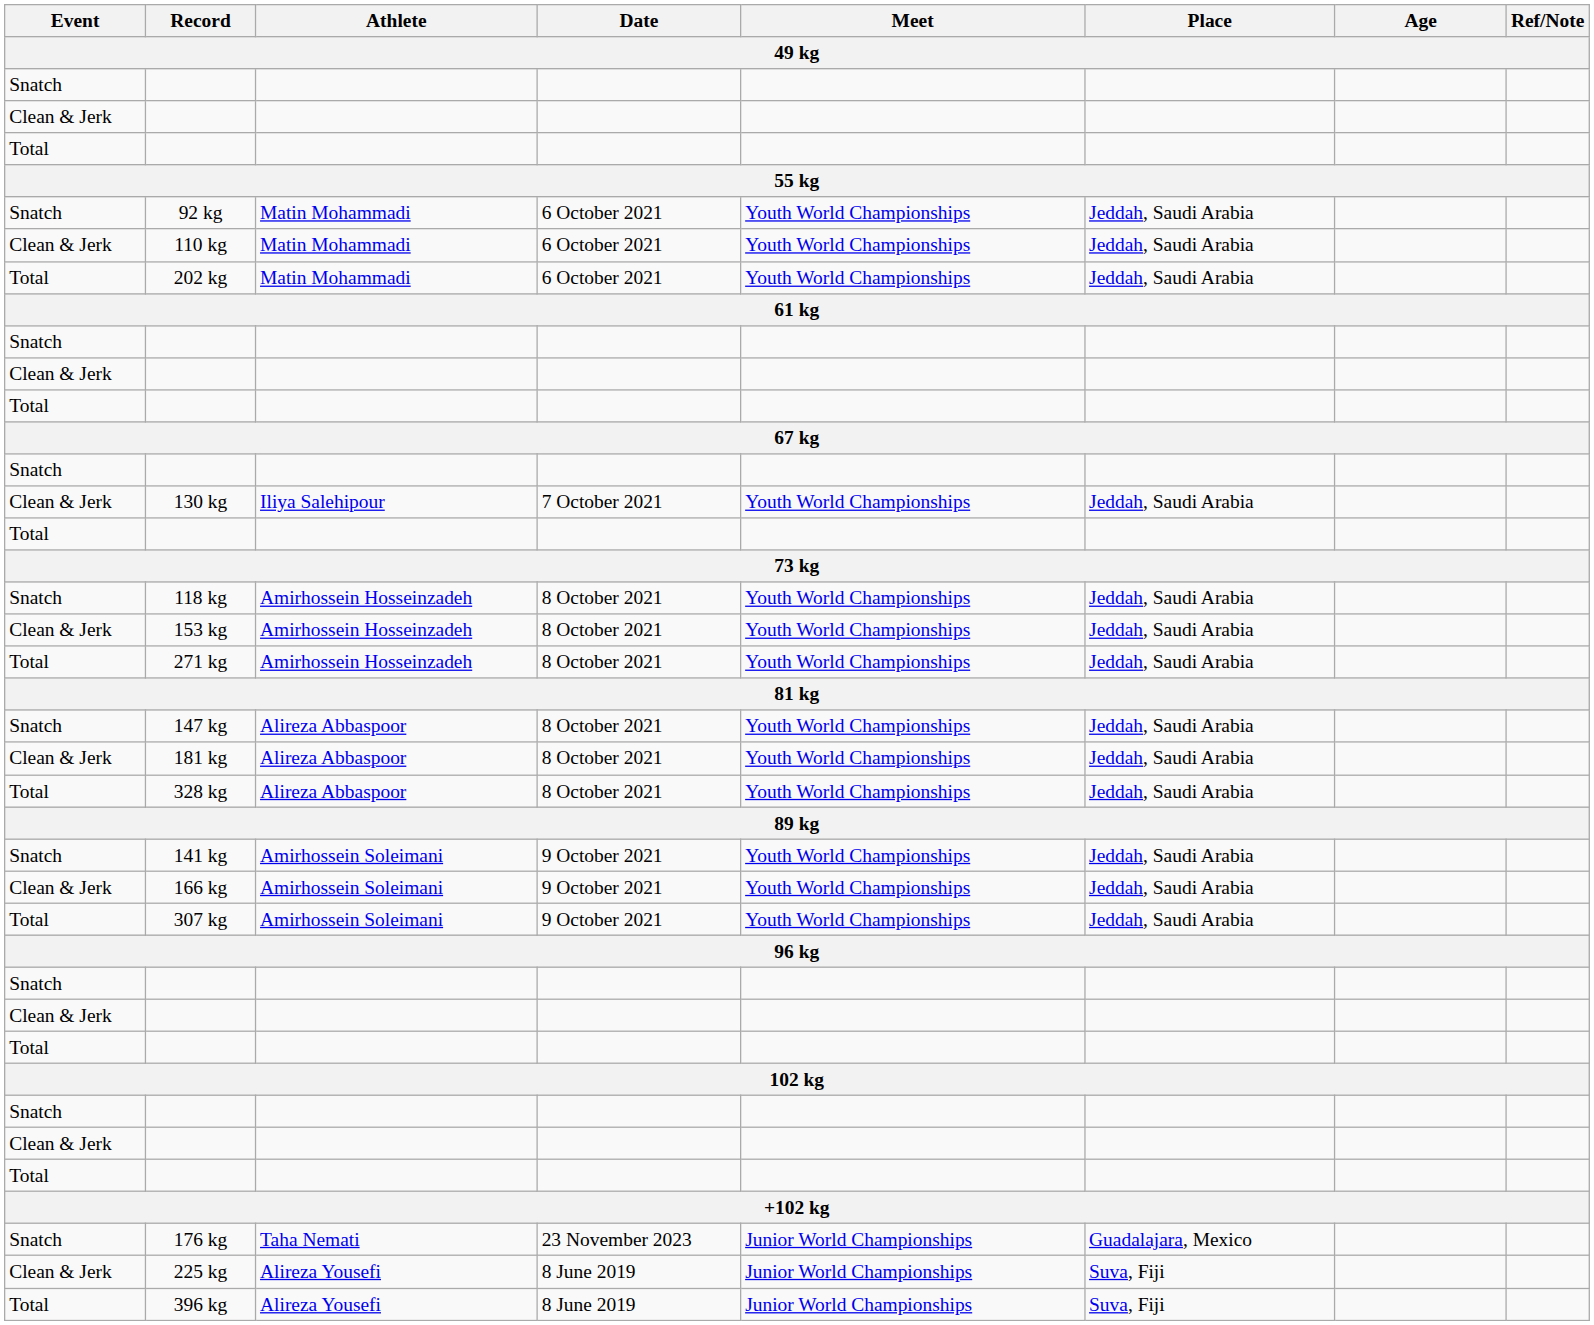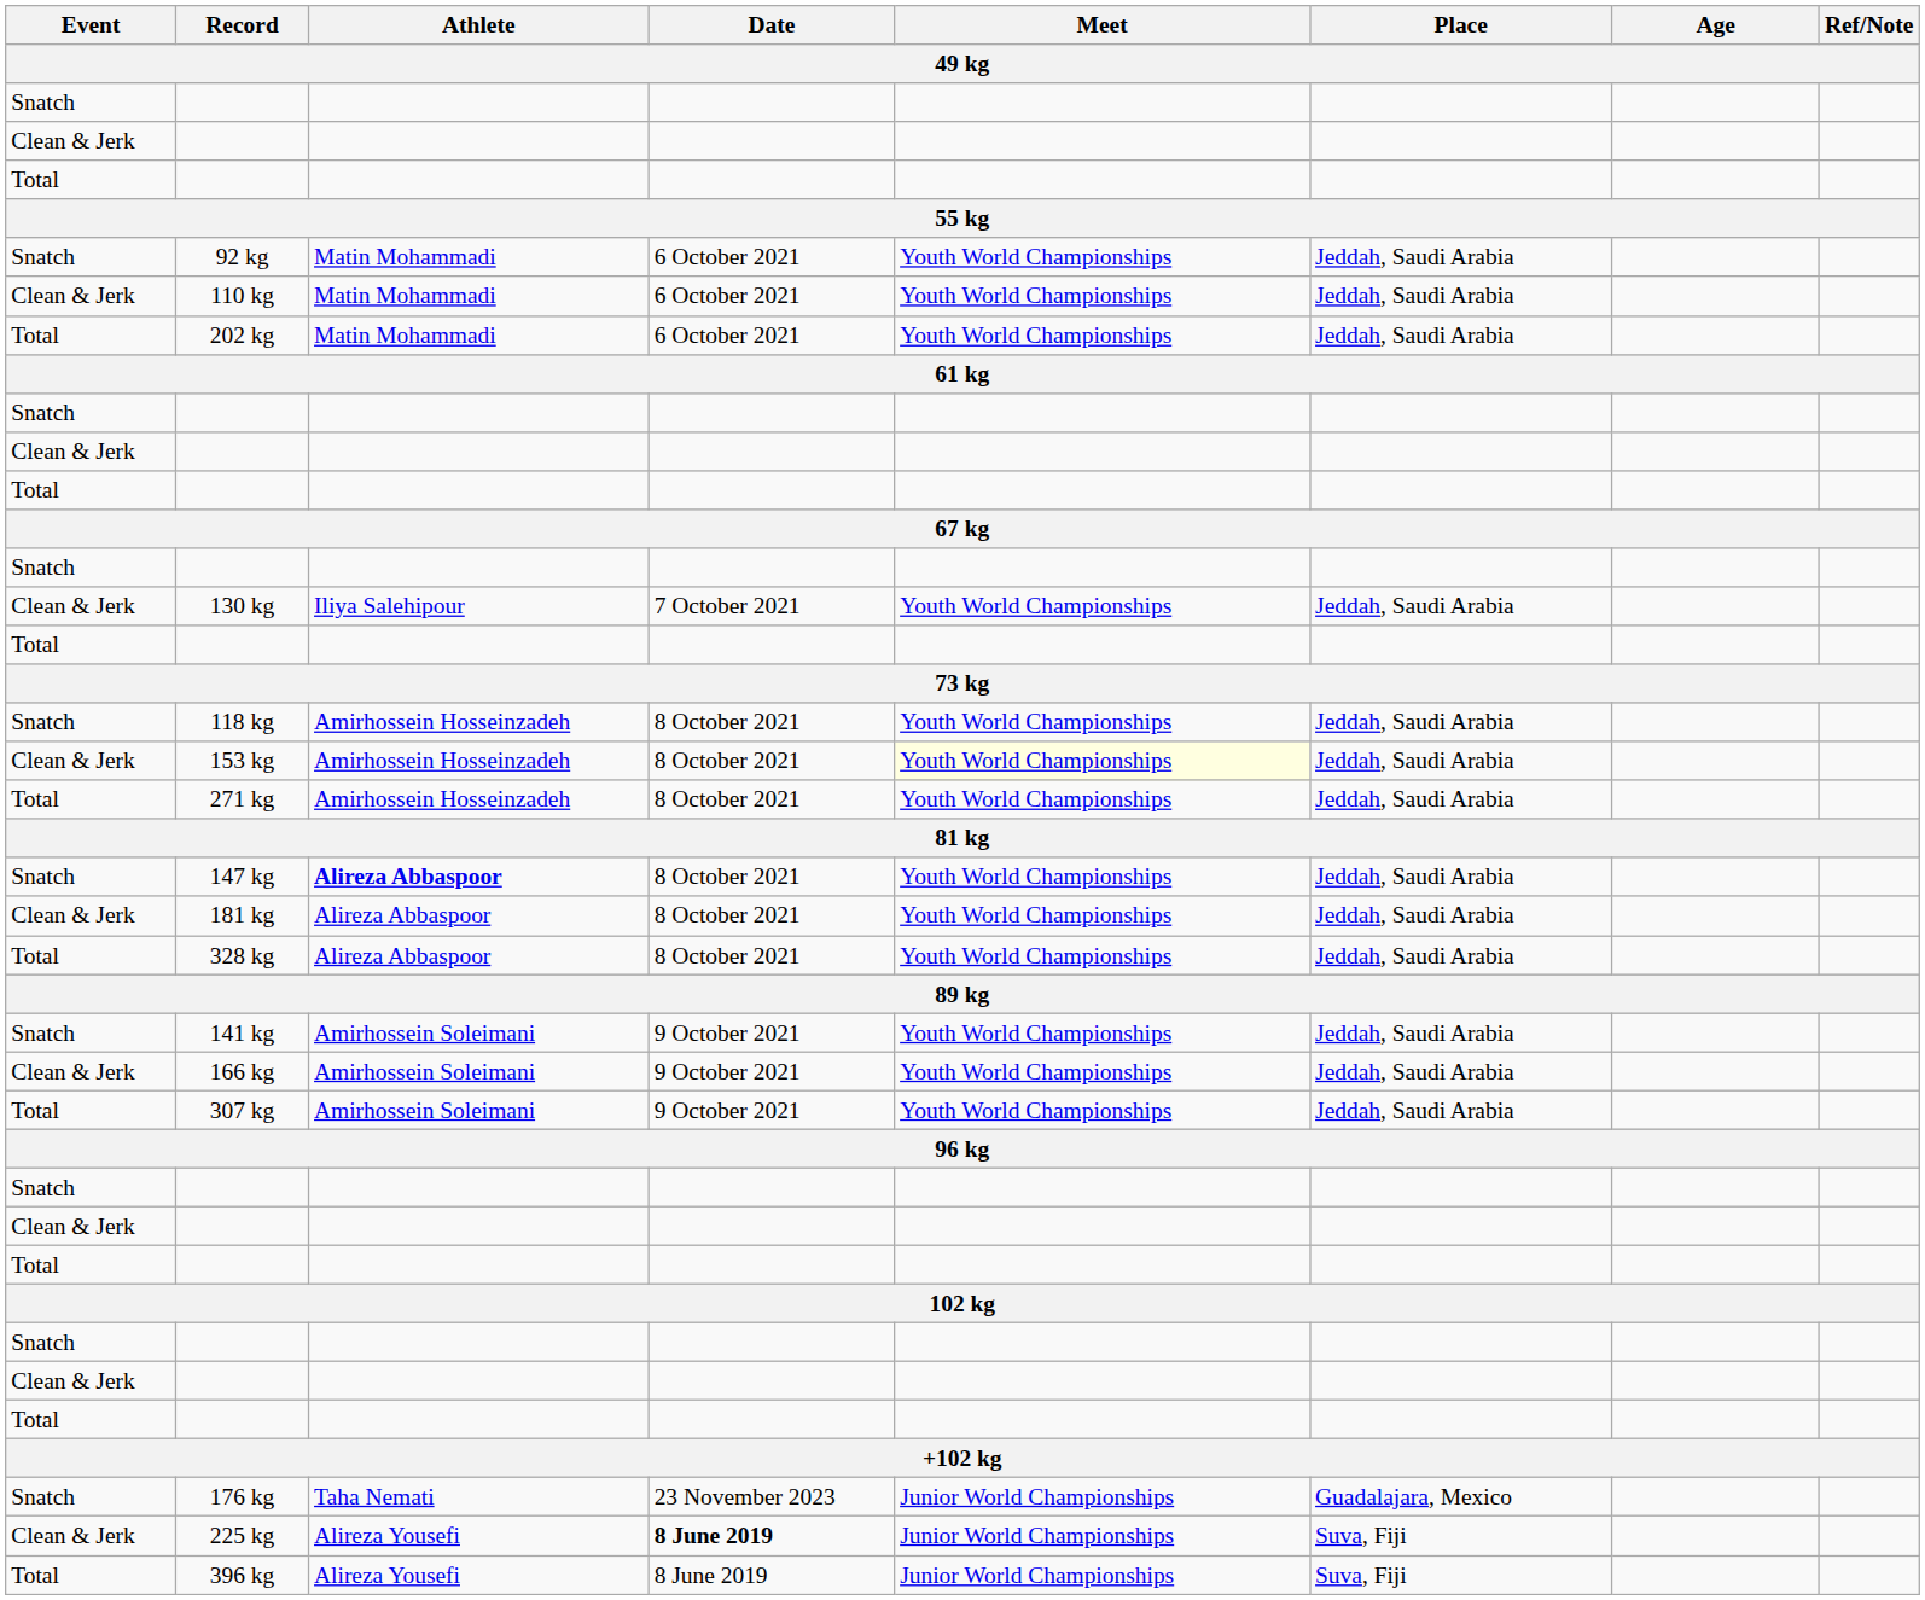 <table class="wikitable" style="font-size:95%; width: 98%;">
 <tr>
 <th width=9%>Event</th>
 <th width=7%>Record</th>
 <th width=18%>Athlete</th>
 <th width=13%>Date</th>
 <th width=22%>Meet</th>
 <th width=16%>Place</th>
 <th width=11%>Age</th>
 <th width=4%>Ref/Note</th>
 </tr>
 <tr bgcolor="#DDDDDD">
 <th colspan="8">49 kg</th>
 </tr>
 <tr>
 <td>Snatch</td>
 <td align="center"></td>
 <td></td>
 <td></td>
 <td></td>
 <td></td>
 <td></td>
 <td></td>
 </tr>
 <tr>
 <td>Clean & Jerk</td>
 <td align="center"></td>
 <td></td>
 <td></td>
 <td></td>
 <td></td>
 <td></td>
 <td></td>
 </tr>
 <tr>
 <td>Total</td>
 <td align="center"></td>
 <td></td>
 <td></td>
 <td></td>
 <td></td>
 <td></td>
 <td></td>
 </tr>
 <tr bgcolor="#DDDDDD">
 <th colspan="8">55 kg</th>
 </tr>
 <tr>
 <td>Snatch</td>
 <td align="center">92 kg</td>
 <td><a href='#'>Matin Mohammadi</a></td>
 <td>6 October 2021</td>
 <td><a href='#'>Youth World Championships</a></td>
 <td><a href='#'>Jeddah</a>, Saudi Arabia</td>
 <td></td>
 <td></td>
 </tr>
 <tr>
 <td>Clean & Jerk</td>
 <td align="center">110 kg</td>
 <td><a href='#'>Matin Mohammadi</a></td>
 <td>6 October 2021</td>
 <td><a href='#'>Youth World Championships</a></td>
 <td><a href='#'>Jeddah</a>, Saudi Arabia</td>
 <td></td>
 <td></td>
 </tr>
 <tr>
 <td>Total</td>
 <td align="center">202 kg</td>
 <td><a href='#'>Matin Mohammadi</a></td>
 <td>6 October 2021</td>
 <td><a href='#'>Youth World Championships</a></td>
 <td><a href='#'>Jeddah</a>, Saudi Arabia</td>
 <td></td>
 <td></td>
 </tr>
 <tr bgcolor="#DDDDDD">
 <th colspan="8">61 kg</th>
 </tr>
 <tr>
 <td>Snatch</td>
 <td align="center"></td>
 <td></td>
 <td></td>
 <td></td>
 <td></td>
 <td></td>
 <td></td>
 </tr>
 <tr>
 <td>Clean & Jerk</td>
 <td align="center"></td>
 <td></td>
 <td></td>
 <td></td>
 <td></td>
 <td></td>
 <td></td>
 </tr>
 <tr>
 <td>Total</td>
 <td align="center"></td>
 <td></td>
 <td></td>
 <td></td>
 <td></td>
 <td></td>
 <td></td>
 </tr>
 <tr bgcolor="#DDDDDD">
 <th colspan="8">67 kg</th>
 </tr>
 <tr>
 <td>Snatch</td>
 <td align="center"></td>
 <td></td>
 <td></td>
 <td></td>
 <td></td>
 <td></td>
 <td></td>
 </tr>
 <tr>
 <td>Clean & Jerk</td>
 <td align="center">130 kg</td>
 <td><a href='#'>Iliya Salehipour</a></td>
 <td>7 October 2021</td>
 <td><a href='#'>Youth World Championships</a></td>
 <td><a href='#'>Jeddah</a>, Saudi Arabia</td>
 <td></td>
 <td></td>
 </tr>
 <tr>
 <td>Total</td>
 <td align="center"></td>
 <td></td>
 <td></td>
 <td></td>
 <td></td>
 <td></td>
 <td></td>
 </tr>
 <tr bgcolor="#DDDDDD">
 <th colspan="8">73 kg</th>
 </tr>
 <tr>
 <td>Snatch</td>
 <td align="center">118 kg</td>
 <td><a href='#'>Amirhossein Hosseinzadeh</a></td>
 <td>8 October 2021</td>
 <td><a href='#'>Youth World Championships</a></td>
 <td><a href='#'>Jeddah</a>, Saudi Arabia</td>
 <td></td>
 <td></td>
 </tr>
 <tr>
 <td>Clean & Jerk</td>
 <td align="center">153 kg</td>
 <td><a href='#'>Amirhossein Hosseinzadeh</a></td>
 <td>8 October 2021</td>
-<td><a href='#'>Youth World Championships</a></td>
+<td style="background: lightyellow;"><a href='#'>Youth World Championships</a></td>
 <td><a href='#'>Jeddah</a>, Saudi Arabia</td>
 <td></td>
 <td></td>
 </tr>
 <tr>
 <td>Total</td>
 <td align="center">271 kg</td>
 <td><a href='#'>Amirhossein Hosseinzadeh</a></td>
 <td>8 October 2021</td>
 <td><a href='#'>Youth World Championships</a></td>
 <td><a href='#'>Jeddah</a>, Saudi Arabia</td>
 <td></td>
 <td></td>
 </tr>
 <tr bgcolor="#DDDDDD">
 <th colspan="8">81 kg</th>
 </tr>
 <tr>
 <td>Snatch</td>
 <td align="center">147 kg</td>
-<td><a href='#'>Alireza Abbaspoor</a></td>
+<td><strong><a href='#'>Alireza Abbaspoor</a></strong></td>
 <td>8 October 2021</td>
 <td><a href='#'>Youth World Championships</a></td>
 <td><a href='#'>Jeddah</a>, Saudi Arabia</td>
 <td></td>
 <td></td>
 </tr>
 <tr>
 <td>Clean & Jerk</td>
 <td align="center">181 kg</td>
 <td><a href='#'>Alireza Abbaspoor</a></td>
 <td>8 October 2021</td>
 <td><a href='#'>Youth World Championships</a></td>
 <td><a href='#'>Jeddah</a>, Saudi Arabia</td>
 <td></td>
 <td></td>
 </tr>
 <tr>
 <td>Total</td>
 <td align="center">328 kg</td>
 <td><a href='#'>Alireza Abbaspoor</a></td>
 <td>8 October 2021</td>
 <td><a href='#'>Youth World Championships</a></td>
 <td><a href='#'>Jeddah</a>, Saudi Arabia</td>
 <td></td>
 <td></td>
 </tr>
 <tr bgcolor="#DDDDDD">
 <th colspan="8">89 kg</th>
 </tr>
 <tr>
 <td>Snatch</td>
 <td align="center">141 kg</td>
 <td><a href='#'>Amirhossein Soleimani</a></td>
 <td>9 October 2021</td>
 <td><a href='#'>Youth World Championships</a></td>
 <td><a href='#'>Jeddah</a>, Saudi Arabia</td>
 <td></td>
 <td></td>
 </tr>
 <tr>
 <td>Clean & Jerk</td>
 <td align="center">166 kg</td>
 <td><a href='#'>Amirhossein Soleimani</a></td>
 <td>9 October 2021</td>
 <td><a href='#'>Youth World Championships</a></td>
 <td><a href='#'>Jeddah</a>, Saudi Arabia</td>
 <td></td>
 <td></td>
 </tr>
 <tr>
 <td>Total</td>
 <td align="center">307 kg</td>
 <td><a href='#'>Amirhossein Soleimani</a></td>
 <td>9 October 2021</td>
 <td><a href='#'>Youth World Championships</a></td>
 <td><a href='#'>Jeddah</a>, Saudi Arabia</td>
 <td></td>
 <td></td>
 </tr>
 <tr bgcolor="#DDDDDD">
 <th colspan="8">96 kg</th>
 </tr>
 <tr>
 <td>Snatch</td>
 <td align="center"></td>
 <td></td>
 <td></td>
 <td></td>
 <td></td>
 <td></td>
 <td></td>
 </tr>
 <tr>
 <td>Clean & Jerk</td>
 <td align="center"></td>
 <td></td>
 <td></td>
 <td></td>
 <td></td>
 <td></td>
 <td></td>
 </tr>
 <tr>
 <td>Total</td>
 <td align="center"></td>
 <td></td>
 <td></td>
 <td></td>
 <td></td>
 <td></td>
 <td></td>
 </tr>
 <tr bgcolor="#DDDDDD">
 <th colspan="8">102 kg</th>
 </tr>
 <tr>
 <td>Snatch</td>
 <td align="center"></td>
 <td></td>
 <td></td>
 <td></td>
 <td></td>
 <td></td>
 <td></td>
 </tr>
 <tr>
 <td>Clean & Jerk</td>
 <td align="center"></td>
 <td></td>
 <td></td>
 <td></td>
 <td></td>
 <td></td>
 <td></td>
 </tr>
 <tr>
 <td>Total</td>
 <td align="center"></td>
 <td></td>
 <td></td>
 <td></td>
 <td></td>
 <td></td>
 <td></td>
 </tr>
 <tr bgcolor="#DDDDDD">
 <th colspan="8">+102 kg</th>
 </tr>
 <tr>
 <td>Snatch</td>
 <td align="center">176 kg</td>
 <td><a href='#'>Taha Nemati</a></td>
 <td>23 November 2023</td>
 <td><a href='#'>Junior World Championships</a></td>
 <td><a href='#'>Guadalajara</a>, Mexico</td>
 <td></td>
 <td></td>
 </tr>
 <tr>
 <td>Clean & Jerk</td>
 <td align="center">225 kg</td>
 <td><a href='#'>Alireza Yousefi</a></td>
-<td>8 June 2019</td>
+<td><strong>8 June 2019</strong></td>
 <td><a href='#'>Junior World Championships</a></td>
 <td><a href='#'>Suva</a>, Fiji</td>
 <td></td>
 <td></td>
 </tr>
 <tr>
 <td>Total</td>
 <td align="center">396 kg</td>
 <td><a href='#'>Alireza Yousefi</a></td>
 <td>8 June 2019</td>
 <td><a href='#'>Junior World Championships</a></td>
 <td><a href='#'>Suva</a>, Fiji</td>
 <td></td>
 <td></td>
 </tr>
 </table>
